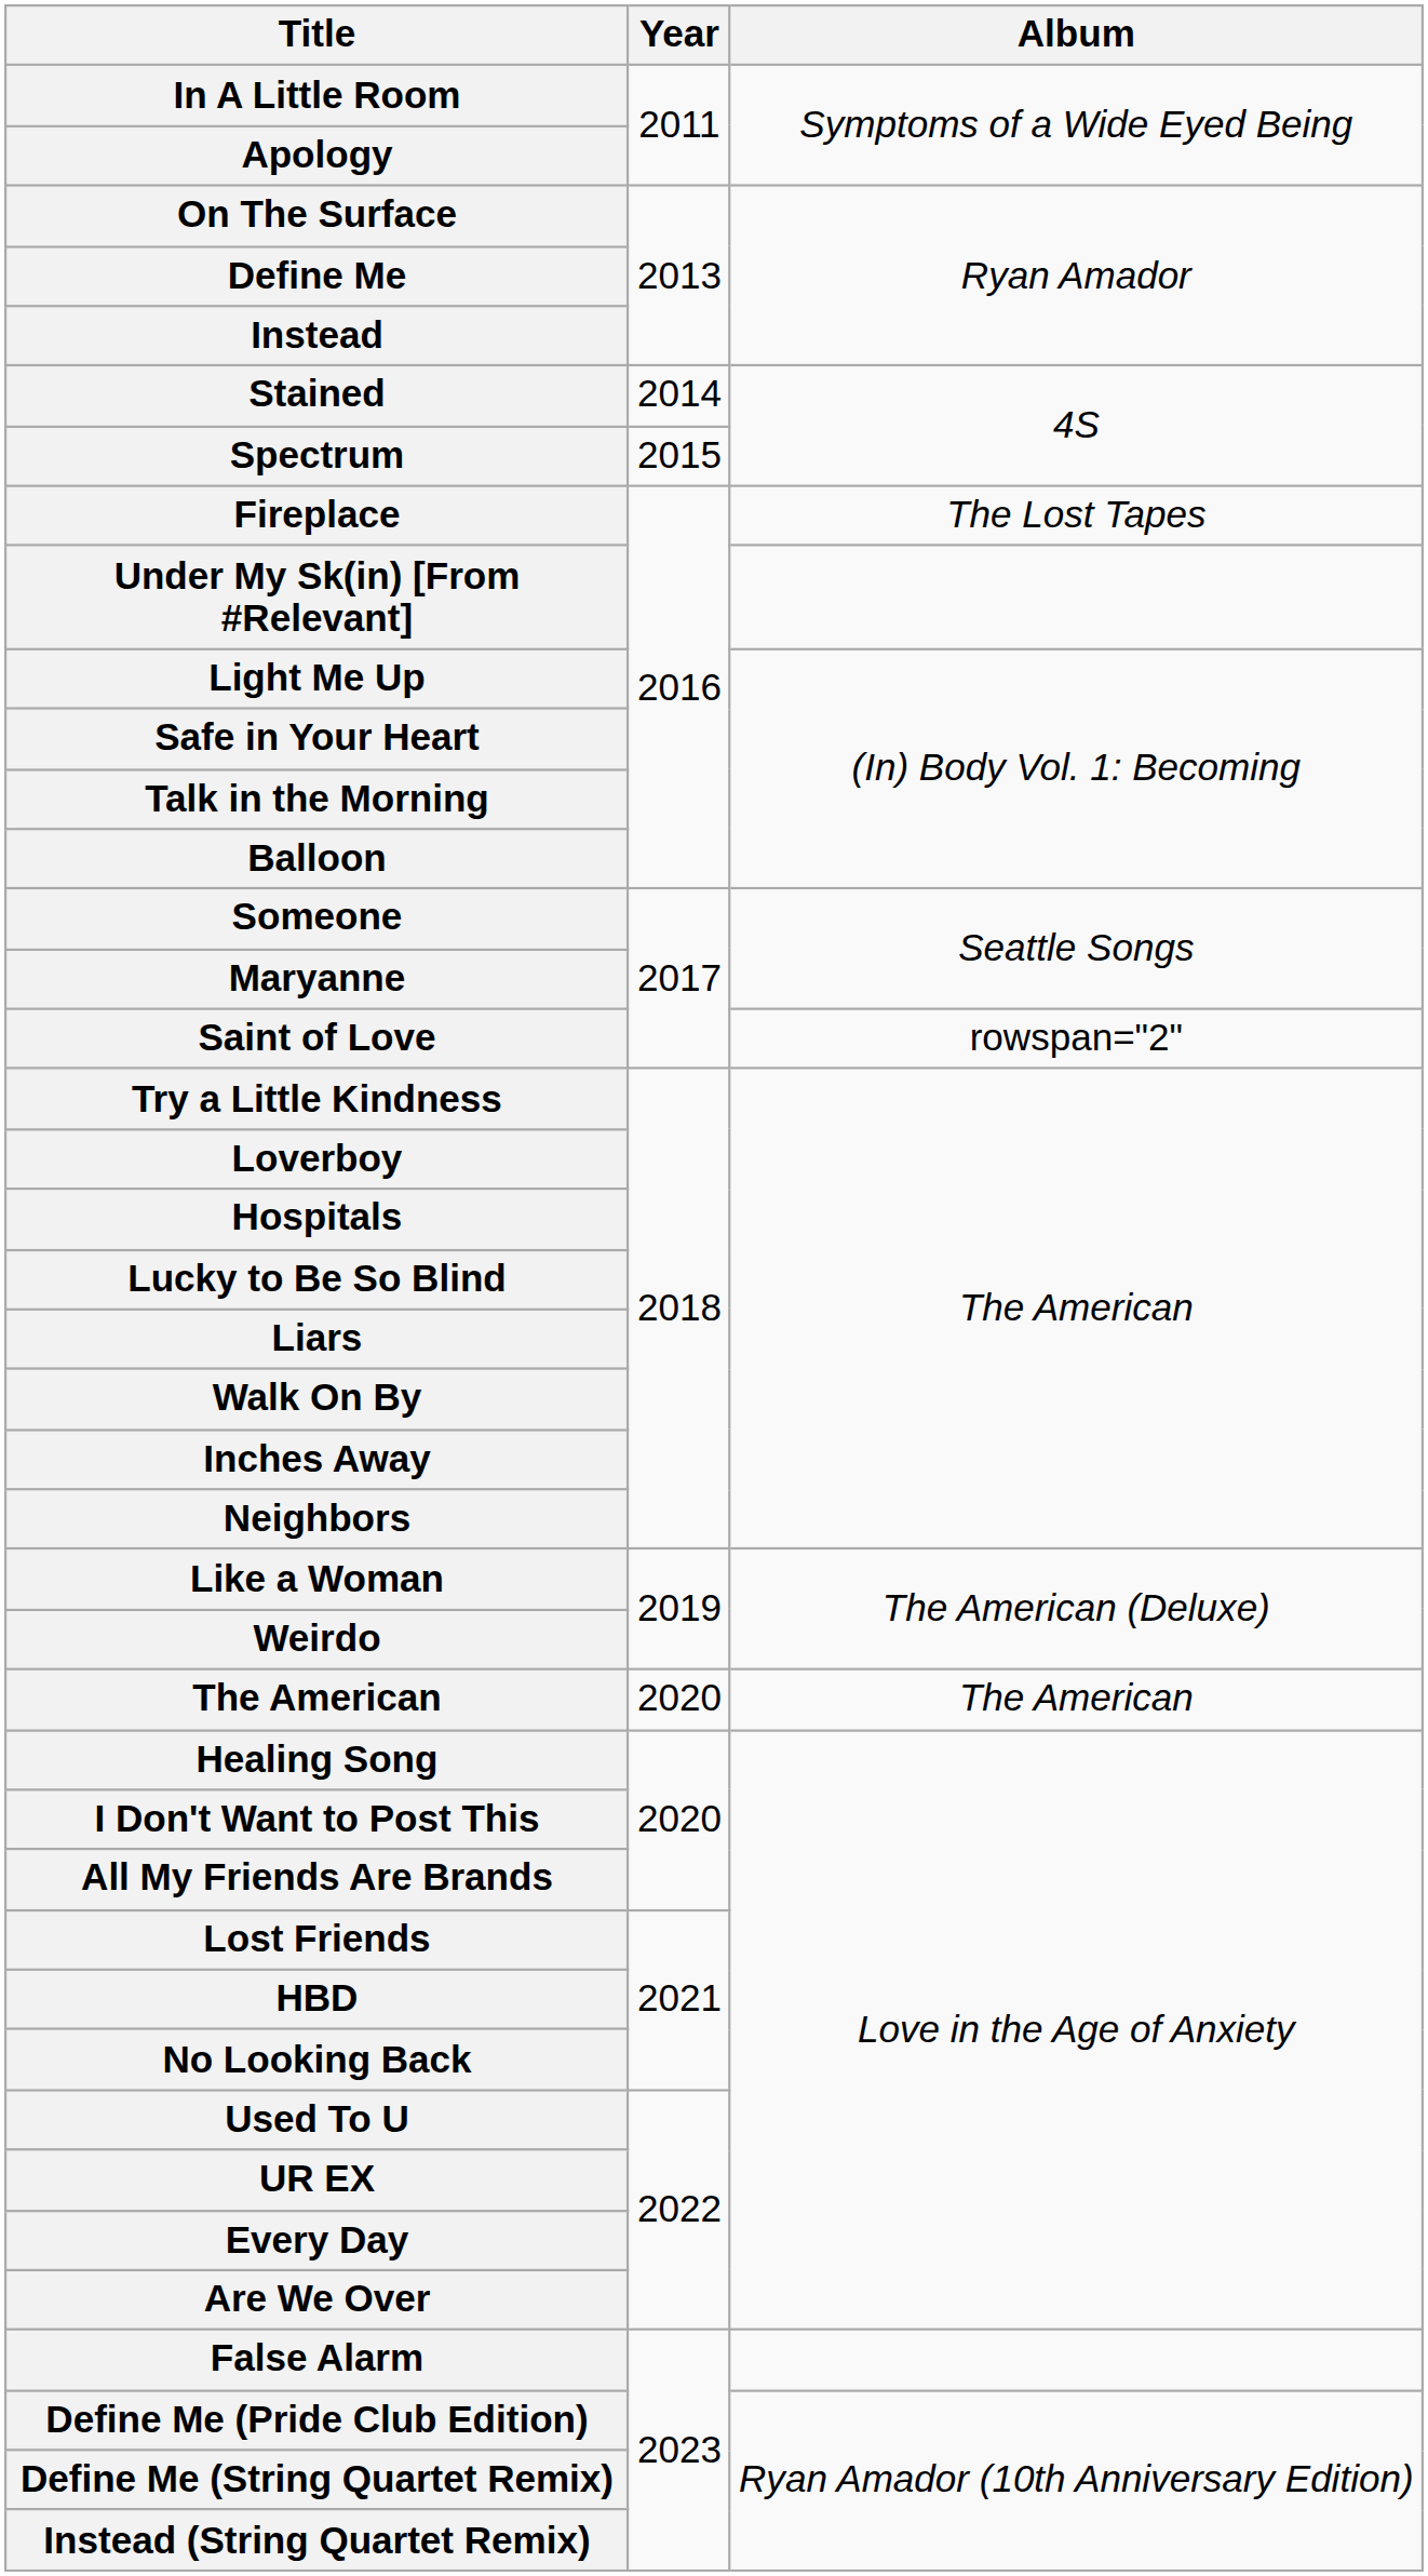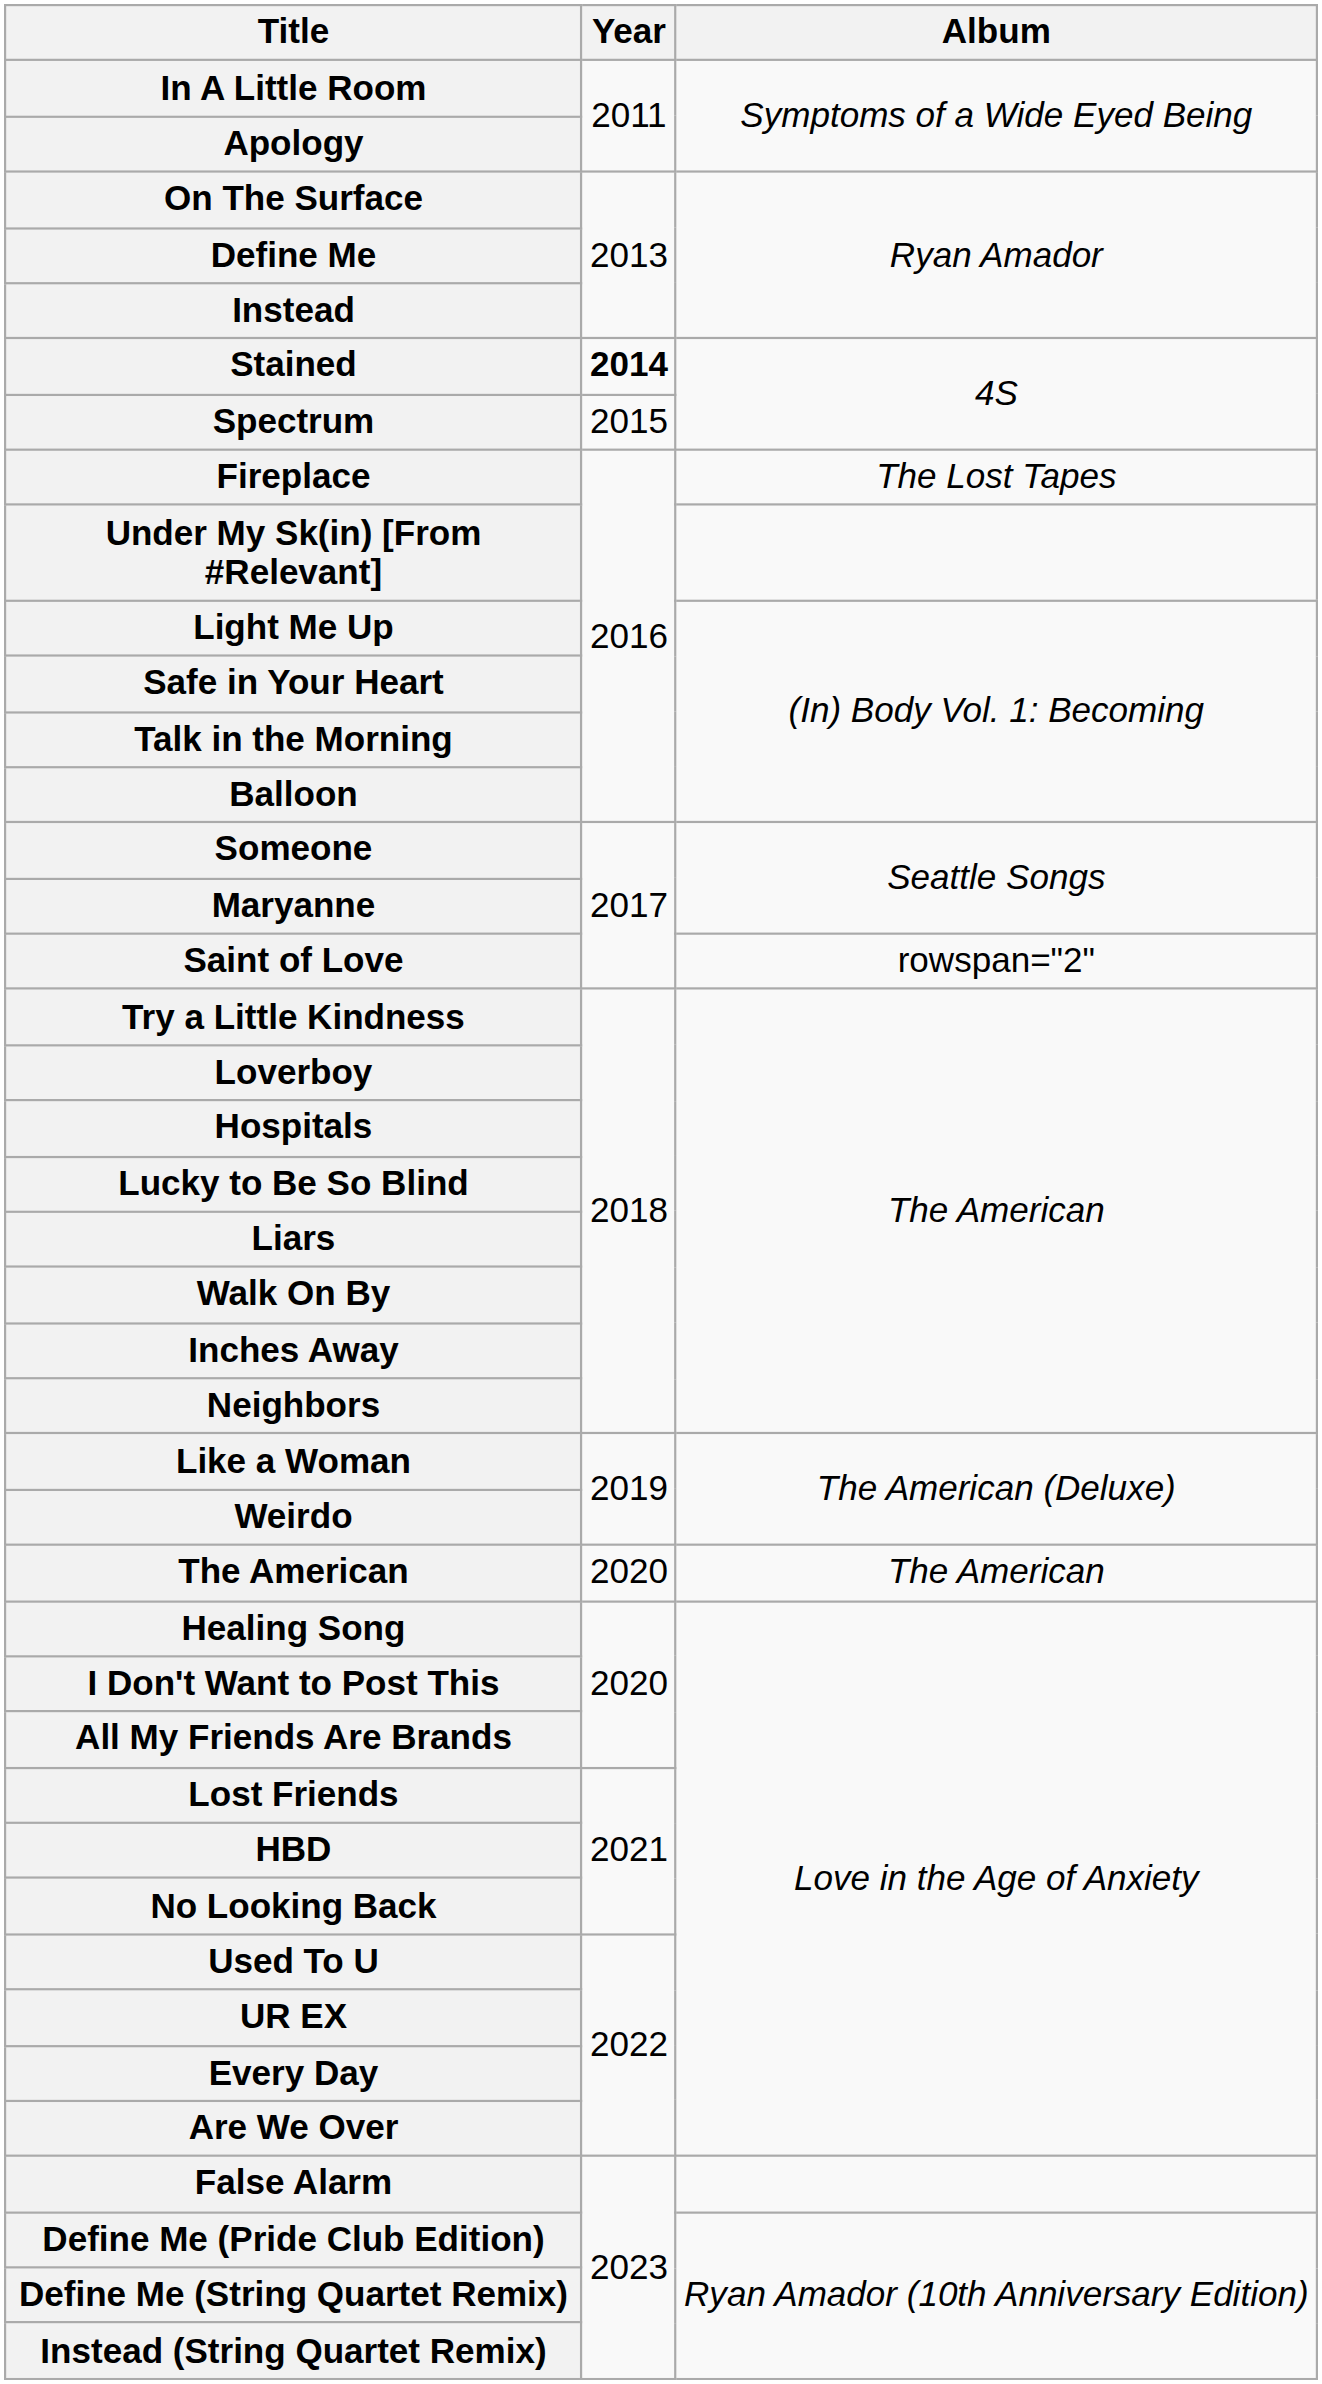 <table class="wikitable plainrowheaders" style="text-align:center;">
 <tr>
 <th scope="col" style="width:16em;">Title</th>
 <th>Year</th>
 <th>Album</th>
 </tr>
 <tr>
 <th scope="row">In A Little Room</th>
 <td rowspan="2">2011</td>
 <td rowspan="2"><em>Symptoms of a Wide Eyed Being</em></td>
 </tr>
 <tr>
 <th scope="row">Apology</th>
 </tr>
 <tr>
 <th scope="row">On The Surface</th>
 <td rowspan="3">2013</td>
 <td rowspan="3"><em>Ryan Amador</em></td>
 </tr>
 <tr>
 <th scope="row">Define Me</th>
 </tr>
 <tr>
 <th scope="row">Instead</th>
 </tr>
 <tr>
 <th scope="row">Stained</th>
-<td>2014</td>
+<td><strong>2014</strong></td>
 <td rowspan="2"><em>4S</em></td>
 </tr>
 <tr>
 <th scope="row">Spectrum</th>
 <td>2015</td>
 </tr>
 <tr>
 <th scope="row">Fireplace</th>
 <td rowspan="6">2016</td>
 <td><em>The Lost Tapes</em></td>
 </tr>
 <tr>
 <th scope="row">Under My Sk(in) [From #Relevant]</th>
 </tr>
 <tr>
 <th scope="row">Light Me Up</th>
 <td rowspan="4"><em>(In) Body Vol. 1: Becoming</em></td>
 </tr>
 <tr>
 <th scope="row">Safe in Your Heart</th>
 </tr>
 <tr>
 <th scope="row">Talk in the Morning</th>
 </tr>
 <tr>
 <th scope="row">Balloon</th>
 </tr>
 <tr>
 <th scope="row">Someone</th>
 <td rowspan="3">2017</td>
 <td rowspan="2"><em>Seattle Songs</em></td>
 </tr>
 <tr>
 <th scope="row">Maryanne</th>
 </tr>
 <tr>
 <th scope="row">Saint of Love</th>
 <td>rowspan="2" </td>
 </tr>
 <tr>
 <th scope="row">Try a Little Kindness</th>
 <td rowspan="8">2018</td>
 <td rowspan="8"><em>The American</em></td>
 </tr>
 <tr>
 <th scope="row">Loverboy</th>
 </tr>
 <tr>
 <th scope="row">Hospitals</th>
 </tr>
 <tr>
 <th scope="row">Lucky to Be So Blind</th>
 </tr>
 <tr>
 <th scope="row">Liars</th>
 </tr>
 <tr>
 <th scope="row">Walk On By</th>
 </tr>
 <tr>
 <th scope="row">Inches Away</th>
 </tr>
 <tr>
 <th scope="row">Neighbors</th>
 </tr>
 <tr>
 <th scope="row">Like a Woman</th>
 <td rowspan="2">2019</td>
 <td rowspan="2"><em>The American (Deluxe)</em></td>
 </tr>
 <tr>
 <th scope="row">Weirdo</th>
 </tr>
 <tr>
 <th scope="row">The American</th>
 <td>2020</td>
 <td><em>The American</em></td>
 </tr>
 <tr>
 <th scope="row">Healing Song</th>
 <td rowspan="3">2020</td>
 <td rowspan="10"><em>Love in the Age of Anxiety</em></td>
 </tr>
 <tr>
 <th scope="row">I Don't Want to Post This</th>
 </tr>
 <tr>
 <th scope="row">All My Friends Are Brands</th>
 </tr>
 <tr>
 <th scope="row">Lost Friends</th>
 <td rowspan="3">2021</td>
 </tr>
 <tr>
 <th scope="row">HBD</th>
 </tr>
 <tr>
 <th scope="row">No Looking Back</th>
 </tr>
 <tr>
 <th scope="row">Used To U</th>
 <td rowspan="4">2022</td>
 </tr>
 <tr>
 <th scope="row">UR EX</th>
 </tr>
 <tr>
 <th scope="row">Every Day</th>
 </tr>
 <tr>
 <th scope="row">Are We Over</th>
 </tr>
 <tr>
 <th scope="row">False Alarm</th>
 <td rowspan="4">2023</td>
 <td></td>
 </tr>
 <tr>
 <th scope="row">Define Me (Pride Club Edition)</th>
 <td rowspan="3"><em>Ryan Amador (10th Anniversary Edition)</em></td>
 </tr>
 <tr>
 <th scope="row">Define Me (String Quartet Remix)</th>
 </tr>
 <tr>
 <th scope="row">Instead (String Quartet Remix)</th>
 </tr>
 </table>
